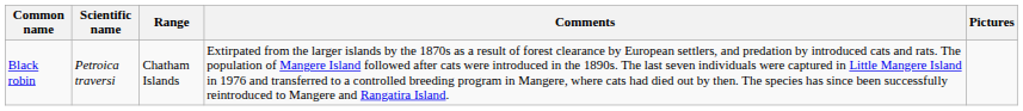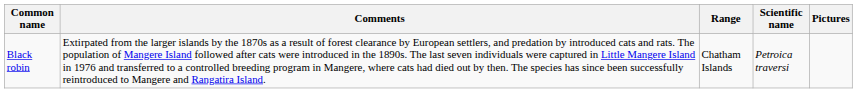 <table class="wikitable">
 <tr>
 <th>Common name</th>
+<th class="unsortable">Comments</th>
+<th>Range</th>
 <th>Scientific name</th>
-<th>Range</th>
-<th class="unsortable">Comments</th>
 <th>Pictures</th>
 </tr>
 <tr>
 <td><a href='#'>Black robin</a></td>
+<td>Extirpated from the larger islands by the 1870s as a result of forest clearance by European settlers, and predation by introduced cats and rats. The population of <a href='#'>Mangere Island</a> followed after cats were introduced in the 1890s. The last seven individuals were captured in <a href='#'>Little Mangere Island</a> in 1976 and transferred to a controlled breeding program in Mangere, where cats had died out by then. The species has since been successfully reintroduced to Mangere and <a href='#'>Rangatira Island</a>.</td>
+<td>Chatham Islands</td>
 <td><em>Petroica traversi</em></td>
-<td>Chatham Islands</td>
-<td>Extirpated from the larger islands by the 1870s as a result of forest clearance by European settlers, and predation by introduced cats and rats. The population of <a href='#'>Mangere Island</a> followed after cats were introduced in the 1890s. The last seven individuals were captured in <a href='#'>Little Mangere Island</a> in 1976 and transferred to a controlled breeding program in Mangere, where cats had died out by then. The species has since been successfully reintroduced to Mangere and <a href='#'>Rangatira Island</a>.</td>
 <td></td>
 </tr>
 </table>
